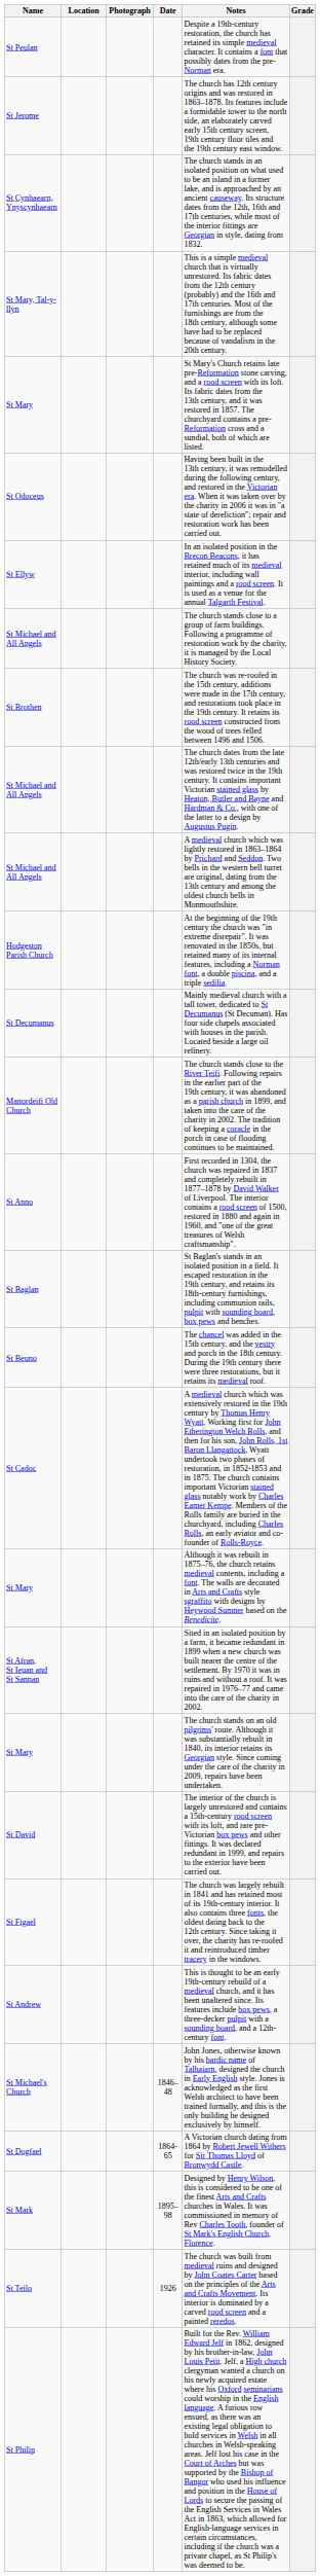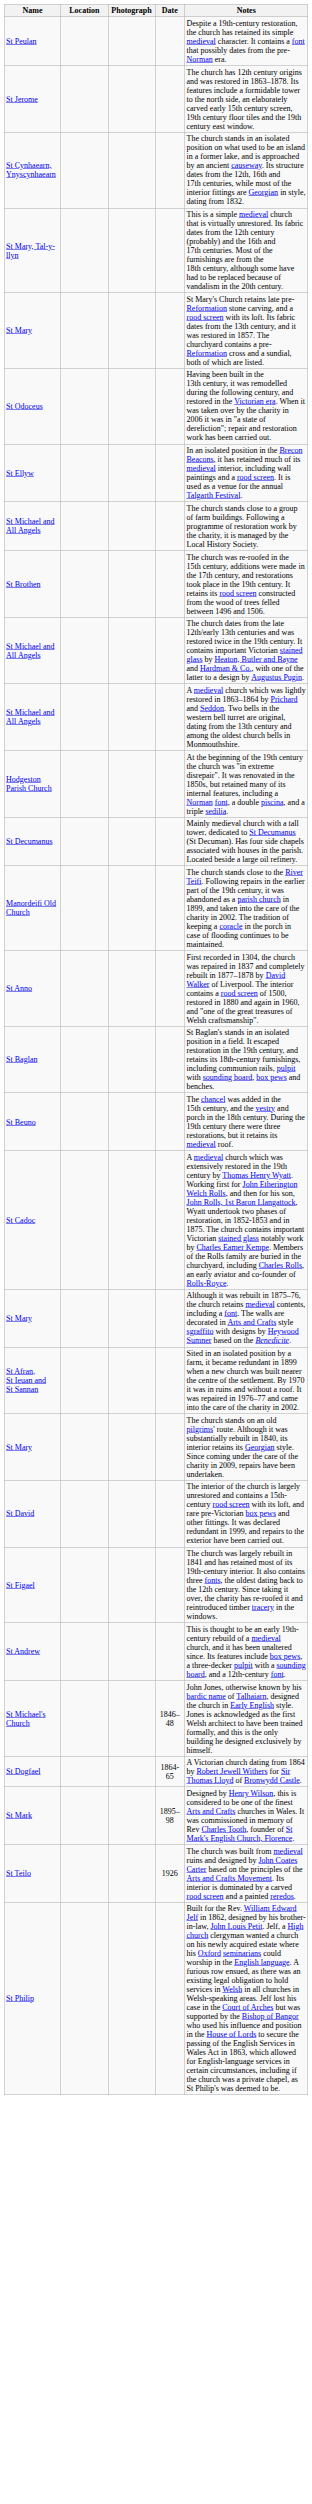 <table class="wikitable sortable">
 <tr>
 <th style="width:120px">Name</th>
 <th style="width:150px">Location</th>
 <th style="width:100px" class="unsortable">Photograph</th>
 <th style="width:80px">Date</th>
 <th style="width:550px" class="unsortable">Notes</th>
-<th style="width:24px">Grade</th>
 </tr>
 <tr>
 <td><a href='#'>St Peulan</a></td>
 <td></td>
 <td></td>
 <td align="center"></td>
 <td>Despite a 19th-century restoration, the church has retained its simple <a href='#'>medieval</a> character.  It contains a <a href='#'>font</a> that possibly dates from the pre-<a href='#'>Norman</a> era.</td>
-<th></th>
 </tr>
 <tr>
 <td><a href='#'>St Jerome</a></td>
 <td></td>
 <td></td>
 <td align="center"></td>
 <td>The church has 12th century origins and was restored in 1863–1878. Its features include a formidable tower to the north side, an elaborately carved early 15th century screen, 19th century floor tiles and the 19th century east window.</td>
-<th></th>
 </tr>
 <tr>
 <td><a href='#'>St Cynhaearn, Ynyscynhaearn</a></td>
 <td></td>
 <td></td>
 <td align="center"></td>
 <td>The church stands in an isolated position on what used to be an island in a former lake, and is approached by an ancient <a href='#'>causeway</a>.  Its structure dates from the 12th, 16th and 17th centuries, while most of the interior fittings are <a href='#'>Georgian</a> in style, dating from 1832.</td>
-<th></th>
 </tr>
 <tr>
 <td><a href='#'>St Mary, Tal-y-llyn</a></td>
 <td></td>
 <td></td>
 <td align="center"></td>
 <td>This is a simple <a href='#'>medieval</a> church that is virtually unrestored.  Its fabric dates from the 12th century (probably) and the 16th and 17th centuries.  Most of the furnishings are from the 18th century, although some have had to be replaced because of vandalism in the 20th century.</td>
-<th></th>
 </tr>
 <tr>
 <td><a href='#'>St Mary</a></td>
 <td></td>
 <td></td>
 <td align="center"></td>
 <td>St Mary's Church retains late pre-<a href='#'>Reformation</a> stone carving, and a <a href='#'>rood screen</a> with its loft.  Its fabric dates from the 13th century, and it was restored in 1857.  The churchyard contains a pre-<a href='#'>Reformation</a> cross and a sundial, both of which are listed.</td>
-<th></th>
 </tr>
 <tr>
 <td><a href='#'>St Odoceus</a></td>
 <td></td>
 <td></td>
 <td align="center"></td>
 <td>Having been built in the 13th century, it was remodelled during the following century, and restored in the <a href='#'>Victorian era</a>.  When it was taken over by the charity in 2006 it was in "a state of dereliction"; repair and restoration work has been carried out.</td>
-<th></th>
 </tr>
 <tr>
 <td><a href='#'>St Ellyw</a></td>
 <td></td>
 <td></td>
 <td align="center"></td>
 <td>In an isolated position in the <a href='#'>Brecon Beacons</a>, it has retained much of its <a href='#'>medieval</a> interior, including wall paintings and a <a href='#'>rood screen</a>.  It is used as a venue for the annual <a href='#'>Talgarth Festival</a>.</td>
-<th></th>
 </tr>
 <tr>
 <td><a href='#'>St Michael and All Angels</a></td>
 <td></td>
 <td></td>
 <td align="center"></td>
 <td>The church stands close to a group of farm buildings.  Following a programme of restoration work by the charity, it is managed by the Local History Society.</td>
-<th></th>
 </tr>
 <tr>
 <td><a href='#'>St Brothen</a></td>
 <td></td>
 <td></td>
 <td align="center"></td>
 <td>The church was re-roofed in the 15th century, additions were made in the 17th century, and restorations took place in the 19th century.  It retains its <a href='#'>rood screen</a> constructed from the wood of trees felled between 1496 and 1506.</td>
-<th></th>
 </tr>
 <tr>
 <td><a href='#'>St Michael and All Angels</a></td>
 <td></td>
 <td></td>
 <td align="center"></td>
 <td>The church dates from the late 12th/early 13th centuries and was restored twice in the 19th century. It contains important Victorian <a href='#'>stained glass</a> by <a href='#'>Heaton, Butler and Bayne</a> and <a href='#'>Hardman & Co.</a>, with one of the latter to a design by <a href='#'>Augustus Pugin</a>.</td>
-<th></th>
 </tr>
 <tr>
 <td><a href='#'>St Michael and All Angels</a></td>
 <td></td>
 <td></td>
 <td align="center"></td>
 <td>A <a href='#'>medieval</a> church which was lightly restored in 1863–1864 by <a href='#'>Prichard</a> and <a href='#'>Seddon</a>. Two bells in the western bell turret are original, dating from the 13th century and among the oldest church bells in Monmouthshire.</td>
-<th></th>
 </tr>
 <tr>
 <td><a href='#'>Hodgeston Parish Church</a></td>
 <td></td>
 <td></td>
 <td align="center"></td>
 <td>At the beginning of the 19th century the church was "in extreme disrepair". It was renovated in the 1850s, but retained many of its internal features, including a <a href='#'>Norman</a> <a href='#'>font</a>, a double <a href='#'>piscina</a>, and a triple <a href='#'>sedilia</a>.</td>
-<th></th>
 </tr>
 <tr>
 <td><a href='#'>St Decumanus</a></td>
 <td></td>
 <td></td>
 <td align="center"></td>
 <td>Mainly medieval church with a tall tower, dedicated to <a href='#'>St Decumanus</a> (St Decuman). Has four side chapels associated with houses in the parish. Located beside a large oil refinery.</td>
-<th></th>
 </tr>
 <tr>
 <td><a href='#'>Manordeifi Old Church</a></td>
 <td></td>
 <td></td>
 <td align="center"></td>
 <td>The church stands close to the <a href='#'>River Teifi</a>.  Following repairs in the earlier part of the 19th century, it was abandoned as a <a href='#'>parish church</a> in 1899, and taken into the care of the charity in 2002.  The tradition of keeping a <a href='#'>coracle</a> in the porch in case of flooding continues to be maintained.</td>
-<th></th>
 </tr>
 <tr>
 <td><a href='#'>St Anno</a></td>
 <td></td>
 <td></td>
 <td align="center"></td>
 <td>First recorded in 1304, the church was repaired in 1837 and completely rebuilt in 1877–1878 by <a href='#'>David Walker</a> of Liverpool. The interior contains a <a href='#'>rood screen</a> of 1500, restored in 1880 and again in 1960, and "one of the great treasures of Welsh craftsmanship".</td>
-<th></th>
 </tr>
 <tr>
 <td><a href='#'>St Baglan</a></td>
 <td></td>
 <td></td>
 <td align="center"></td>
 <td>St Baglan's stands in an isolated position in a field.  It escaped restoration in the 19th century, and retains its 18th-century furnishings, including communion rails, <a href='#'>pulpit</a> with <a href='#'>sounding board</a>, <a href='#'>box pews</a> and benches.</td>
-<th></th>
 </tr>
 <tr>
 <td><a href='#'>St Beuno</a></td>
 <td></td>
 <td></td>
 <td align="center"></td>
 <td>The <a href='#'>chancel</a> was added in the 15th century, and the <a href='#'>vestry</a> and porch in the 18th century.  During the 19th century there were three restorations, but it retains its <a href='#'>medieval</a> roof.</td>
-<th></th>
 </tr>
 <tr>
 <td><a href='#'>St Cadoc</a></td>
 <td></td>
 <td></td>
 <td align="center"></td>
 <td>A <a href='#'>medieval</a> church which was extensively restored in the 19th century by <a href='#'>Thomas Henry Wyatt</a>. Working first for <a href='#'>John Etherington Welch Rolls</a>, and then for his son, <a href='#'>John Rolls, 1st Baron Llangattock</a>, Wyatt undertook two phases of restoration, in 1852-1853 and in 1875. The church contains important Victorian <a href='#'>stained glass</a> notably work by <a href='#'>Charles Eamer Kempe</a>. Members of the Rolls family are buried in the churchyard, including <a href='#'>Charles Rolls</a>, an early aviator and co-founder of <a href='#'>Rolls-Royce</a>.</td>
-<th></th>
 </tr>
 <tr>
 <td><a href='#'>St Mary</a></td>
 <td></td>
 <td></td>
 <td align="center"></td>
 <td>Although it was rebuilt in 1875–76, the church retains <a href='#'>medieval</a> contents, including a <a href='#'>font</a>.  The walls are decorated in <a href='#'>Arts and Crafts</a> style <a href='#'>sgraffito</a> with designs by <a href='#'>Heywood Sumner</a> based on the <em><a href='#'>Benedicite</a></em>.</td>
-<th></th>
 </tr>
 <tr>
 <td><a href='#'>St Afran, St Ieuan and St Sannan</a></td>
 <td></td>
 <td></td>
 <td align="center"></td>
 <td>Sited in an isolated position by a farm, it became redundant in 1899 when a new church was built nearer the centre of the settlement.  By 1970 it was in ruins and without a roof.  It was repaired in 1976–77 and came into the care of the charity in 2002.</td>
-<th></th>
 </tr>
 <tr>
 <td><a href='#'>St Mary</a></td>
 <td></td>
 <td></td>
 <td align="center"></td>
 <td>The church stands on an old <a href='#'>pilgrims</a>' route.  Although it was substantially rebuilt in 1840, its interior retains its <a href='#'>Georgian</a> style.  Since coming under the care of the charity in 2009, repairs have been undertaken.</td>
-<th></th>
 </tr>
 <tr>
 <td><a href='#'>St David</a></td>
 <td></td>
 <td></td>
 <td align="center"></td>
 <td>The interior of the church is largely unrestored and contains a 15th-century <a href='#'>rood screen</a> with its loft, and rare pre-Victorian <a href='#'>box pews</a> and other fittings.  It was declared redundant in 1999, and repairs to the exterior have been carried out.</td>
-<th></th>
 </tr>
 <tr>
 <td><a href='#'>St Figael</a></td>
 <td></td>
 <td></td>
 <td align="center"></td>
 <td>The church was largely rebuilt in 1841 and has retained most of its 19th-century interior.  It also contains three <a href='#'>fonts</a>, the oldest dating back to the 12th century.  Since taking it over, the charity has re-roofed it and reintroduced timber <a href='#'>tracery</a> in the windows.</td>
-<th></th>
 </tr>
 <tr>
 <td><a href='#'>St Andrew</a></td>
 <td></td>
 <td></td>
 <td align="center"></td>
 <td>This is thought to be an early 19th-century rebuild of a <a href='#'>medieval</a> church, and it has been unaltered since.  Its features include <a href='#'>box pews</a>, a three-decker <a href='#'>pulpit</a> with a <a href='#'>sounding board</a>, and a 12th-century <a href='#'>font</a>.</td>
-<th></th>
 </tr>
 <tr>
 <td><a href='#'>St Michael's Church</a></td>
 <td></td>
 <td></td>
 <td align="center">1846–48</td>
 <td>John Jones, otherwise known by his <a href='#'>bardic name</a> of <a href='#'>Talhaiarn</a>, designed the church in <a href='#'>Early English</a> style.  Jones is acknowledged as the first Welsh architect to have been trained formally, and this is the only building he designed exclusively by himself.</td>
-<th></th>
 </tr>
 <tr>
 <td><a href='#'>St Dogfael</a></td>
 <td></td>
 <td></td>
 <td align="center">1864-65</td>
 <td>A Victorian church dating from 1864 by <a href='#'>Robert Jewell Withers</a> for <a href='#'>Sir Thomas Lloyd</a> of <a href='#'>Bronwydd Castle</a>.</td>
-<th></th>
 </tr>
 <tr>
 <td><a href='#'>St Mark</a></td>
 <td></td>
 <td></td>
 <td align="center">1895–98</td>
 <td>Designed by <a href='#'>Henry Wilson</a>, this is considered to be one of the finest <a href='#'>Arts and Crafts</a> churches in Wales.  It was commissioned in memory of Rev <a href='#'>Charles Tooth</a>, founder of <a href='#'>St Mark's English Church, Florence</a>.</td>
-<th></th>
 </tr>
 <tr>
 <td><a href='#'>St Teilo</a></td>
 <td></td>
 <td></td>
 <td align="center">1926</td>
 <td>The church was built from <a href='#'>medieval</a> ruins and designed by <a href='#'>John Coates Carter</a> based on the principles of the <a href='#'>Arts and Crafts Movement</a>.  Its interior is dominated by a carved <a href='#'>rood screen</a> and a painted <a href='#'>reredos</a>.</td>
-<th></th>
 </tr>
 <tr>
 <td><a href='#'>St Philip</a></td>
 <td></td>
 <td></td>
 <td align="center"></td>
 <td>Built for the  Rev. <a href='#'>William Edward Jelf</a> in 1862, designed by his brother-in-law, <a href='#'>John Louis Petit</a>. Jelf, a <a href='#'>High church</a> clergyman wanted a church on his newly acquired estate where his <a href='#'>Oxford</a> <a href='#'>seminarians</a> could worship in the <a href='#'>English language</a>. A furious row ensued, as there was an existing legal obligation to hold services in <a href='#'>Welsh</a> in all churches in Welsh-speaking areas. Jelf lost his case in the <a href='#'>Court of Arches</a> but was supported by the <a href='#'>Bishop of Bangor</a> who used his influence and position in the <a href='#'>House of Lords</a> to secure the passing of the English Services in Wales Act in 1863, which allowed for English-language services in certain circumstances, including if the church was a private chapel, as St Philip's was deemed to be.</td>
-<th></th>
 </tr>
 </table>
